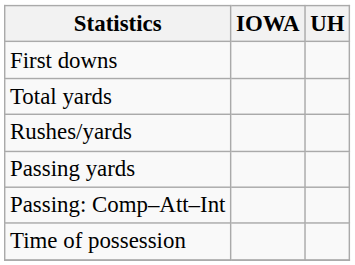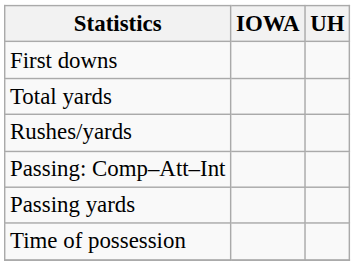 <table class="wikitable" style="float: left;">
 <tr>
 <th>Statistics</th>
 <th>IOWA</th>
 <th>UH</th>
 </tr>
 <tr>
 <td>First downs</td>
 <td></td>
 <td></td>
 </tr>
 <tr>
 <td>Total yards</td>
 <td></td>
 <td></td>
 </tr>
 <tr>
 <td>Rushes/yards</td>
 <td></td>
 <td></td>
 </tr>
 <tr>
-<td>Passing yards</td>
+<td>Passing: Comp–Att–Int</td>
 <td></td>
 <td></td>
 </tr>
 <tr>
-<td>Passing: Comp–Att–Int</td>
+<td>Passing yards</td>
 <td></td>
 <td></td>
 </tr>
 <tr>
 <td>Time of possession</td>
 <td></td>
 <td></td>
 </tr>
 <tr>
 </tr>
 </table>
